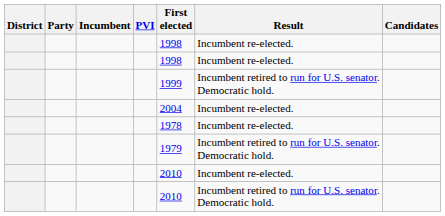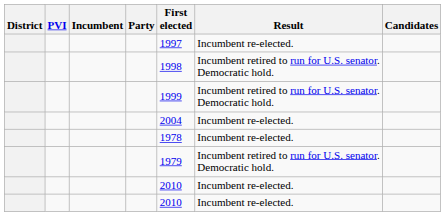 <table class="wikitable sortable">
 <tr valign=bottom>
 <th>District</th>
+<th><a href='#'>PVI</a></th>
+<th>Incumbent</th>
 <th>Party</th>
-<th>Incumbent</th>
-<th><a href='#'>PVI</a></th>
 <th>First<br>elected</th>
 <th>Result</th>
 <th>Candidates</th>
 </tr>
 <tr>
 <th></th>
 <td></td>
 <td></td>
 <td></td>
-<td><a href='#'>1998</a></td>
+<td><a href='#'>1997</a></td>
 <td>Incumbent re-elected.</td>
 <td nowrap></td>
 </tr>
 <tr>
 <th></th>
 <td></td>
 <td></td>
 <td></td>
 <td><a href='#'>1998</a></td>
-<td>Incumbent re-elected.</td>
+<td>Incumbent retired to <a href='#'>run for U.S. senator</a>.<br>Democratic hold.</td>
 <td nowrap></td>
 </tr>
 <tr>
 <th></th>
 <td></td>
 <td></td>
 <td></td>
 <td><a href='#'>1999</a></td>
 <td>Incumbent retired to <a href='#'>run for U.S. senator</a>.<br>Democratic hold.</td>
 <td nowrap></td>
 </tr>
 <tr>
 <th></th>
 <td></td>
 <td></td>
 <td></td>
 <td><a href='#'>2004</a></td>
 <td>Incumbent re-elected.</td>
 <td nowrap></td>
 </tr>
 <tr>
 <th></th>
 <td></td>
 <td></td>
 <td></td>
 <td><a href='#'>1978</a></td>
 <td>Incumbent re-elected.</td>
 <td nowrap></td>
 </tr>
 <tr>
 <th></th>
 <td></td>
 <td></td>
 <td></td>
 <td><a href='#'>1979 </a></td>
 <td>Incumbent retired to <a href='#'>run for U.S. senator</a>.<br>Democratic hold.</td>
 <td nowrap></td>
 </tr>
 <tr>
 <th></th>
 <td></td>
 <td></td>
 <td></td>
 <td><a href='#'>2010</a></td>
 <td>Incumbent re-elected.</td>
 <td nowrap></td>
 </tr>
 <tr>
 <th></th>
 <td></td>
 <td></td>
 <td></td>
 <td><a href='#'>2010</a></td>
-<td>Incumbent retired to <a href='#'>run for U.S. senator</a>.<br>Democratic hold.</td>
+<td>Incumbent re-elected.</td>
 <td nowrap></td>
 </tr>
 </table>
